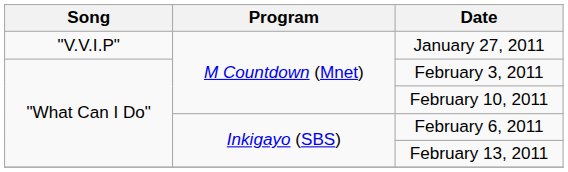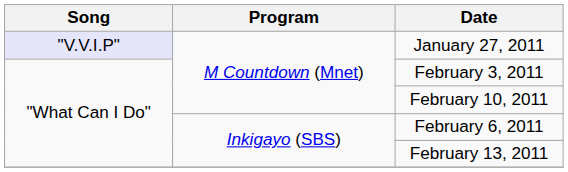 <table class="wikitable" style="text-align:center;">
 <tr>
 <th style="width:150px;">Song</th>
 <th style="width:200px;">Program</th>
 <th style="width:150px;">Date</th>
 </tr>
 <tr>
-<td>"V.V.I.P"</td>
+<td style="background: lavender;">"V.V.I.P"</td>
 <td rowspan=3><em><a href='#'>M Countdown</a></em> (<a href='#'>Mnet</a>)</td>
 <td>January 27, 2011</td>
 </tr>
 <tr>
 <td rowspan=4>"What Can I Do"</td>
 <td>February 3, 2011</td>
 </tr>
 <tr>
 <td>February 10, 2011</td>
 </tr>
 <tr>
 <td rowspan=2><em><a href='#'>Inkigayo</a></em> (<a href='#'>SBS</a>)</td>
 <td>February 6, 2011</td>
 </tr>
 <tr>
 <td>February 13, 2011</td>
 </tr>
 <tr>
 </tr>
 </table>
